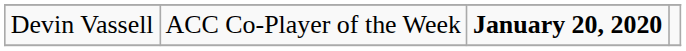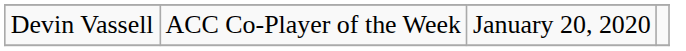 <table class="wikitable sortable sortable" style="text-align: center">
 <tr align=center>
 </tr>
 <tr>
 <td>Devin Vassell</td>
 <td>ACC Co-Player of the Week</td>
-<td><strong>January 20, 2020</strong></td>
+<td>January 20, 2020</td>
 <td></td>
 </tr>
 <tr>
 </tr>
 </table>
